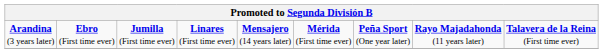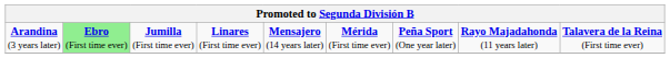 <table class="wikitable" style="text-align: center; margin: 0 auto;">
 <tr>
 <th colspan="9">Promoted to <a href='#'>Segunda División B</a></th>
 </tr>
 <tr>
 <td><strong><a href='#'>Arandina</a></strong><br><small>(3 years later)</small></td>
-<td><strong><a href='#'>Ebro</a></strong><br><small>(First time ever)</small></td>
+<td style="background: lightgreen;"><strong><a href='#'>Ebro</a></strong><br><small>(First time ever)</small></td>
 <td><strong><a href='#'>Jumilla</a></strong><br><small>(First time ever)</small></td>
 <td><strong><a href='#'>Linares</a></strong><br><small>(First time ever)</small></td>
 <td><strong><a href='#'>Mensajero</a></strong><br><small>(14 years later)</small></td>
 <td><strong><a href='#'>Mérida</a></strong><br><small>(First time ever)</small></td>
 <td><strong><a href='#'>Peña Sport</a></strong><br><small>(One year later)</small></td>
 <td><strong><a href='#'>Rayo Majadahonda</a></strong><br><small>(11 years later)</small></td>
 <td><strong><a href='#'>Talavera de la Reina</a></strong><br><small>(First time ever)</small></td>
 </tr>
 <tr>
 </tr>
 </table>
